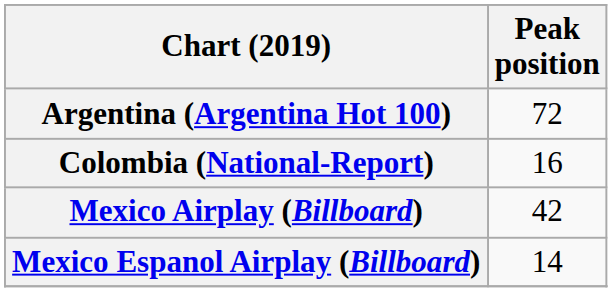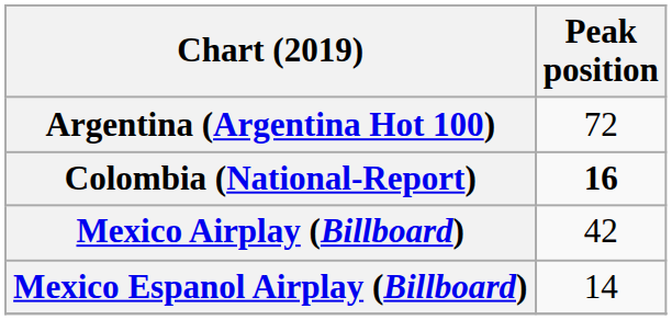 <table class="wikitable sortable plainrowheaders" style="text-align:center">
 <tr>
 <th scope="col">Chart (2019)</th>
 <th scope="col">Peak<br> position</th>
 </tr>
 <tr>
 <th scope="row">Argentina (<a href='#'>Argentina Hot 100</a>)</th>
 <td>72</td>
 </tr>
 <tr>
 <th scope="row">Colombia (<a href='#'>National-Report</a>)</th>
-<td>16</td>
+<td><strong>16</strong></td>
 </tr>
 <tr>
 <th scope="row"><a href='#'>Mexico Airplay</a> (<em><a href='#'>Billboard</a></em>)</th>
 <td>42</td>
 </tr>
 <tr>
 <th scope="row"><a href='#'>Mexico Espanol Airplay</a> (<a href='#'><em>Billboard</em></a>)</th>
 <td>14</td>
 </tr>
 <tr>
 </tr>
 <tr>
 </tr>
 <tr>
 </tr>
 <tr>
 </tr>
 <tr>
 </tr>
 <tr>
 </tr>
 </table>
